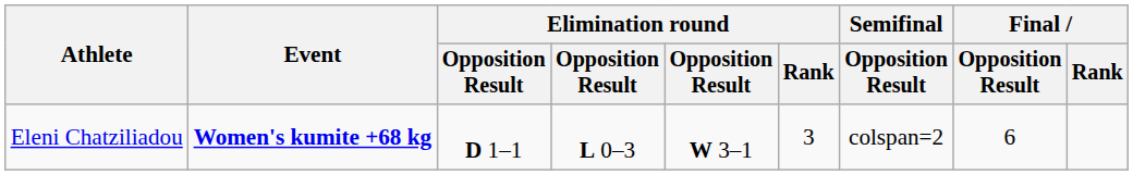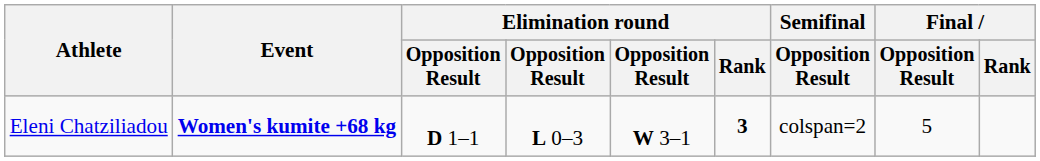 <table class=wikitable style=font-size:90%;text-align:center>
 <tr>
 <th rowspan=2>Athlete</th>
 <th rowspan=2>Event</th>
 <th colspan=4>Elimination round</th>
 <th>Semifinal</th>
 <th colspan=2>Final / </th>
 </tr>
 <tr style=font-size:95%>
 <th>Opposition<br>Result</th>
 <th>Opposition<br>Result</th>
 <th>Opposition<br>Result</th>
 <th>Rank</th>
 <th>Opposition<br>Result</th>
 <th>Opposition<br>Result</th>
 <th>Rank</th>
 </tr>
 <tr>
 <td align=left><a href='#'>Eleni Chatziliadou</a></td>
 <td align=left><strong><a href='#'>Women's kumite +68 kg</a></strong></td>
 <td><br><strong>D</strong> 1–1</td>
 <td><br><strong>L</strong> 0–3</td>
 <td><br><strong>W</strong> 3–1</td>
-<td>3</td>
+<td><strong>3</strong></td>
 <td>colspan=2 </td>
-<td>6</td>
+<td>5</td>
 </tr>
 </table>
